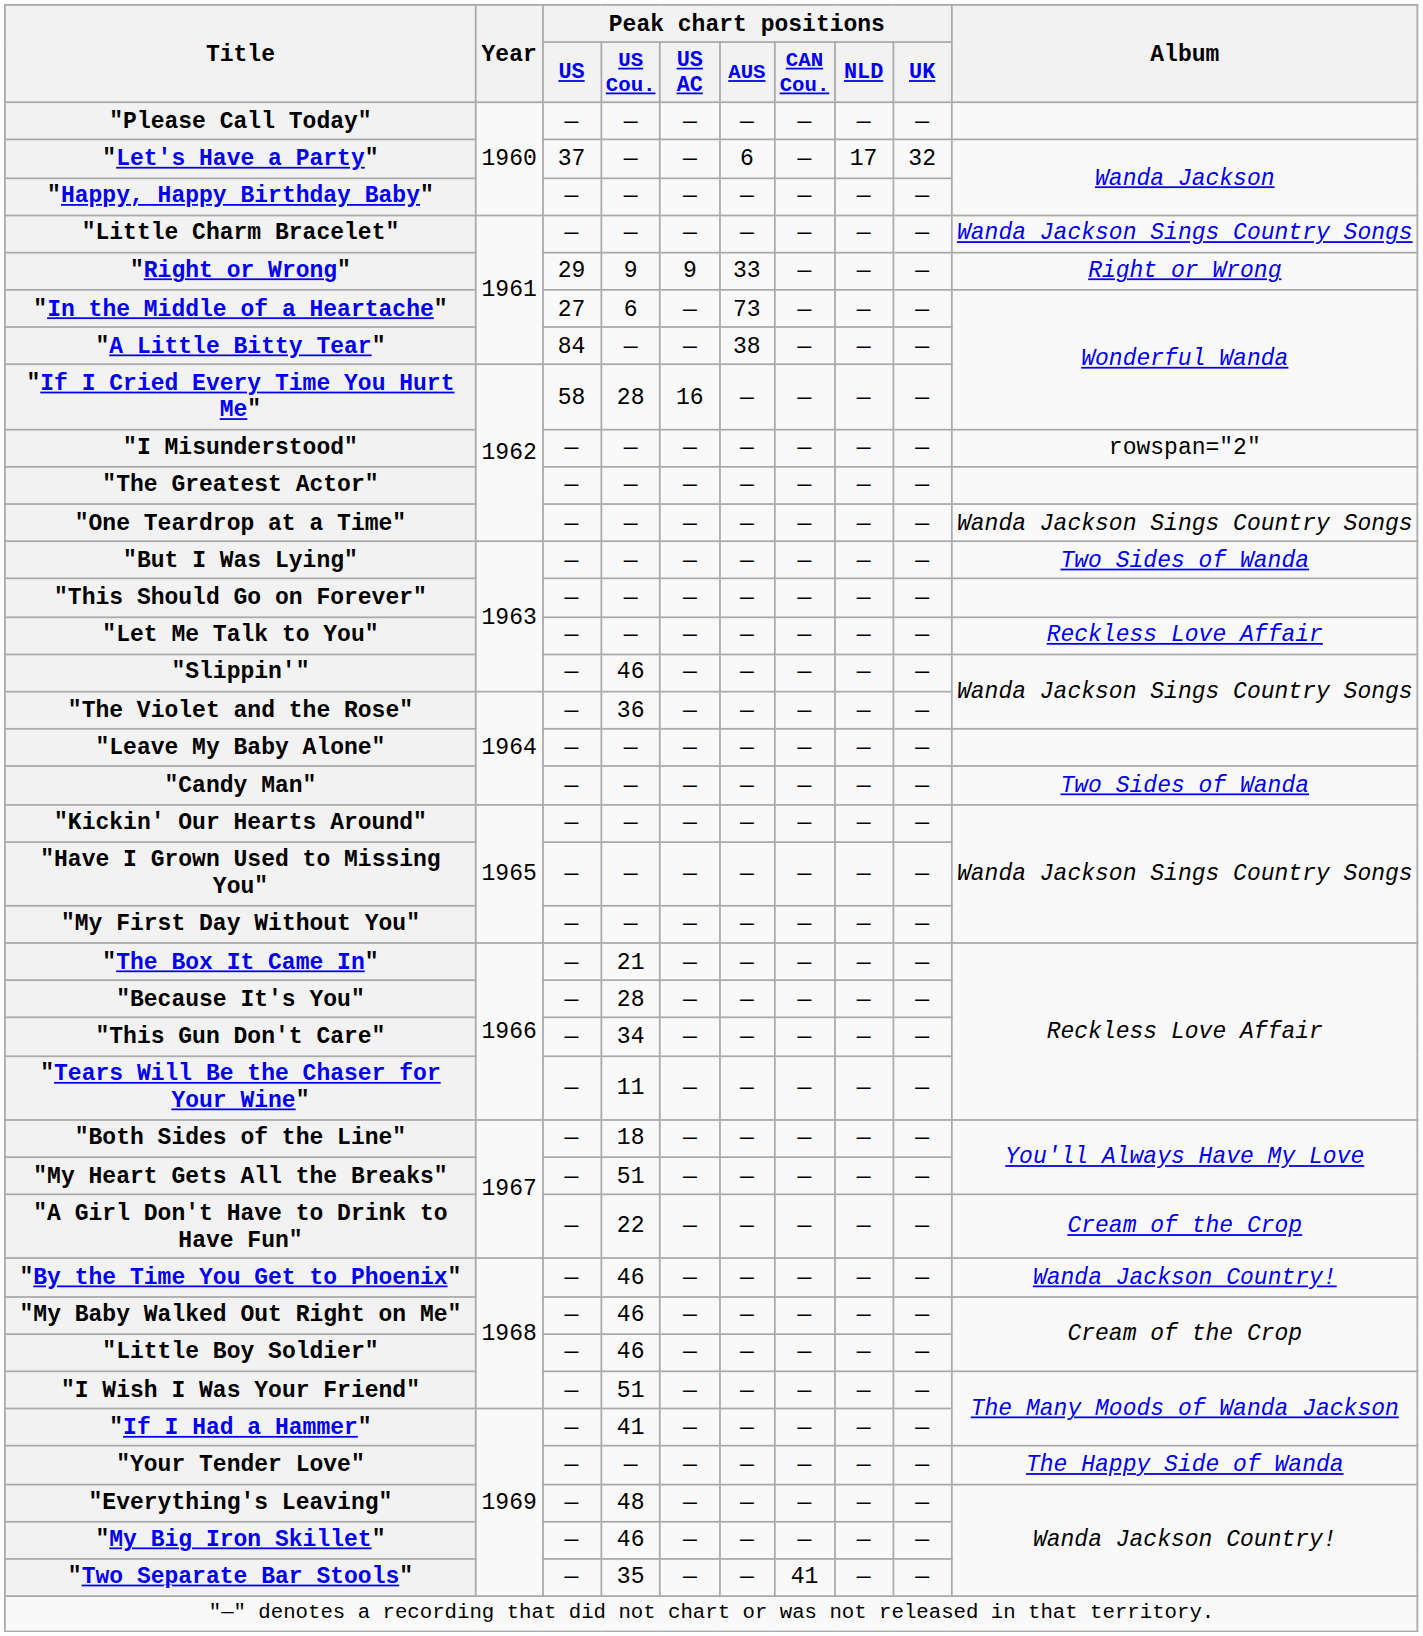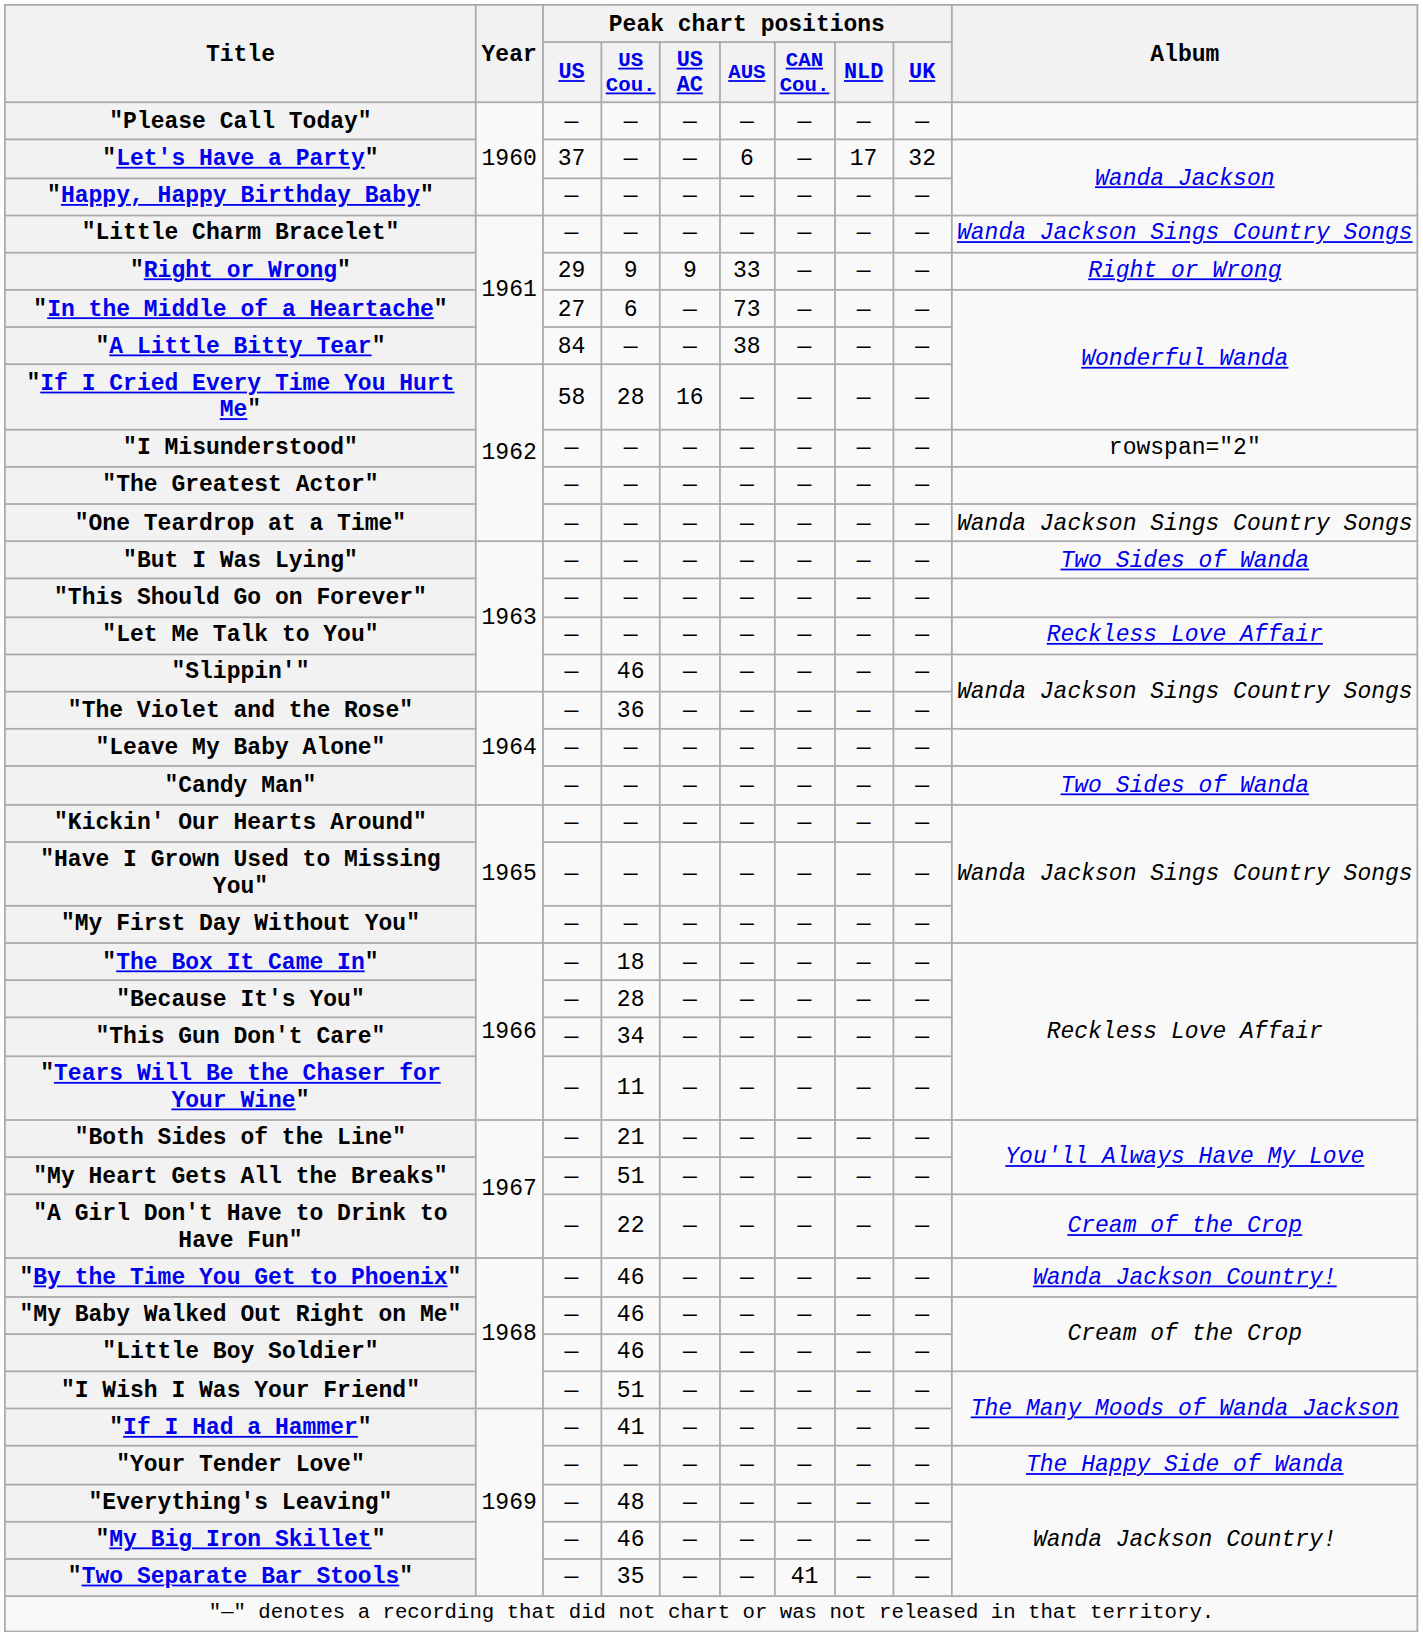 <table class="wikitable plainrowheaders" style="text-align:center;" border="1">
 <tr>
 <th scope="col" rowspan="2" style="width:20em;">Title</th>
 <th scope="col" rowspan="2">Year</th>
 <th scope="col" colspan="7">Peak chart positions</th>
 <th scope="col" rowspan="2">Album</th>
 </tr>
 <tr>
 <th scope="col" style="width:2.2em;font-size:95%;"><a href='#'>US</a><br></th>
 <th scope="col" style="width:2.2em;font-size:90%;"><a href='#'>US<br>Cou.</a><br></th>
 <th scope="col" style="width:2.2em;font-size:95%;"><a href='#'>US AC</a><br></th>
 <th scope="col" style="width:2.2em;font-size:90%;"><a href='#'>AUS</a><br></th>
 <th scope="col" style="width:2.2em;font-size:90%;"><a href='#'>CAN<br>Cou.</a><br></th>
 <th scope="col" style="width:2.2em;font-size:95%;"><a href='#'>NLD</a><br></th>
 <th scope="col" style="width:2.2em;font-size:95%;"><a href='#'>UK</a><br></th>
 </tr>
 <tr>
 <th scope="row">"Please Call Today"</th>
 <td rowspan="3">1960</td>
 <td>—</td>
 <td>—</td>
 <td>—</td>
 <td>—</td>
 <td>—</td>
 <td>—</td>
 <td>—</td>
 <td></td>
 </tr>
 <tr>
 <th scope="row">"<a href='#'>Let's Have a Party</a>"</th>
 <td>37</td>
 <td>—</td>
 <td>—</td>
 <td>6</td>
 <td>—</td>
 <td>17</td>
 <td>32</td>
 <td rowspan="2"><em><a href='#'>Wanda Jackson</a></em></td>
 </tr>
 <tr>
 <th scope="row">"<a href='#'>Happy, Happy Birthday Baby</a>"</th>
 <td>—</td>
 <td>—</td>
 <td>—</td>
 <td>—</td>
 <td>—</td>
 <td>—</td>
 <td>—</td>
 </tr>
 <tr>
 <th scope="row">"Little Charm Bracelet"</th>
 <td rowspan="4">1961</td>
 <td>—</td>
 <td>—</td>
 <td>—</td>
 <td>—</td>
 <td>—</td>
 <td>—</td>
 <td>—</td>
 <td><em><a href='#'>Wanda Jackson Sings Country Songs</a></em></td>
 </tr>
 <tr>
 <th scope="row">"<a href='#'>Right or Wrong</a>"</th>
 <td>29</td>
 <td>9</td>
 <td>9</td>
 <td>33</td>
 <td>—</td>
 <td>—</td>
 <td>—</td>
 <td><em><a href='#'>Right or Wrong</a></em></td>
 </tr>
 <tr>
 <th scope="row">"<a href='#'>In the Middle of a Heartache</a>"</th>
 <td>27</td>
 <td>6</td>
 <td>—</td>
 <td>73</td>
 <td>—</td>
 <td>—</td>
 <td>—</td>
 <td rowspan="3"><em><a href='#'>Wonderful Wanda</a></em></td>
 </tr>
 <tr>
 <th scope="row">"<a href='#'>A Little Bitty Tear</a>"</th>
 <td>84</td>
 <td>—</td>
 <td>—</td>
 <td>38</td>
 <td>—</td>
 <td>—</td>
 <td>—</td>
 </tr>
 <tr>
 <th scope="row">"<a href='#'>If I Cried Every Time You Hurt Me</a>"</th>
 <td rowspan="4">1962</td>
 <td>58</td>
 <td>28</td>
 <td>16</td>
 <td>—</td>
 <td>—</td>
 <td>—</td>
 <td>—</td>
 </tr>
 <tr>
 <th scope="row">"I Misunderstood"</th>
 <td>—</td>
 <td>—</td>
 <td>—</td>
 <td>—</td>
 <td>—</td>
 <td>—</td>
 <td>—</td>
 <td>rowspan="2" </td>
 </tr>
 <tr>
 <th scope="row">"The Greatest Actor"</th>
 <td>—</td>
 <td>—</td>
 <td>—</td>
 <td>—</td>
 <td>—</td>
 <td>—</td>
 <td>—</td>
 </tr>
 <tr>
 <th scope="row">"One Teardrop at a Time"</th>
 <td>—</td>
 <td>—</td>
 <td>—</td>
 <td>—</td>
 <td>—</td>
 <td>—</td>
 <td>—</td>
 <td><em>Wanda Jackson Sings Country Songs</em></td>
 </tr>
 <tr>
 <th scope="row">"But I Was Lying"</th>
 <td rowspan="4">1963</td>
 <td>—</td>
 <td>—</td>
 <td>—</td>
 <td>—</td>
 <td>—</td>
 <td>—</td>
 <td>—</td>
 <td><em><a href='#'>Two Sides of Wanda</a></em></td>
 </tr>
 <tr>
 <th scope="row">"This Should Go on Forever"</th>
 <td>—</td>
 <td>—</td>
 <td>—</td>
 <td>—</td>
 <td>—</td>
 <td>—</td>
 <td>—</td>
 </tr>
 <tr>
 <th scope="row">"Let Me Talk to You"</th>
 <td>—</td>
 <td>—</td>
 <td>—</td>
 <td>—</td>
 <td>—</td>
 <td>—</td>
 <td>—</td>
 <td><em><a href='#'>Reckless Love Affair</a></em></td>
 </tr>
 <tr>
 <th scope="row">"Slippin'"</th>
 <td>—</td>
 <td>46</td>
 <td>—</td>
 <td>—</td>
 <td>—</td>
 <td>—</td>
 <td>—</td>
 <td rowspan="2"><em>Wanda Jackson Sings Country Songs</em></td>
 </tr>
 <tr>
 <th scope="row">"The Violet and the Rose"</th>
 <td rowspan="3">1964</td>
 <td>—</td>
 <td>36</td>
 <td>—</td>
 <td>—</td>
 <td>—</td>
 <td>—</td>
 <td>—</td>
 </tr>
 <tr>
 <th scope="row">"Leave My Baby Alone"</th>
 <td>—</td>
 <td>—</td>
 <td>—</td>
 <td>—</td>
 <td>—</td>
 <td>—</td>
 <td>—</td>
 <td></td>
 </tr>
 <tr>
 <th scope="row">"Candy Man"</th>
 <td>—</td>
 <td>—</td>
 <td>—</td>
 <td>—</td>
 <td>—</td>
 <td>—</td>
 <td>—</td>
 <td><em><a href='#'>Two Sides of Wanda</a></em></td>
 </tr>
 <tr>
 <th scope="row">"Kickin' Our Hearts Around"</th>
 <td rowspan="3">1965</td>
 <td>—</td>
 <td>—</td>
 <td>—</td>
 <td>—</td>
 <td>—</td>
 <td>—</td>
 <td>—</td>
 <td rowspan="3"><em>Wanda Jackson Sings Country Songs</em></td>
 </tr>
 <tr>
 <th scope="row">"Have I Grown Used to Missing You"</th>
 <td>—</td>
 <td>—</td>
 <td>—</td>
 <td>—</td>
 <td>—</td>
 <td>—</td>
 <td>—</td>
 </tr>
 <tr>
 <th scope="row">"My First Day Without You"</th>
 <td>—</td>
 <td>—</td>
 <td>—</td>
 <td>—</td>
 <td>—</td>
 <td>—</td>
 <td>—</td>
 </tr>
 <tr>
 <th scope="row">"<a href='#'>The Box It Came In</a>"</th>
 <td rowspan="4">1966</td>
 <td>—</td>
-<td>21</td>
+<td>18</td>
 <td>—</td>
 <td>—</td>
 <td>—</td>
 <td>—</td>
 <td>—</td>
 <td rowspan="4"><em>Reckless Love Affair</em></td>
 </tr>
 <tr>
 <th scope="row">"Because It's You"</th>
 <td>—</td>
 <td>28</td>
 <td>—</td>
 <td>—</td>
 <td>—</td>
 <td>—</td>
 <td>—</td>
 </tr>
 <tr>
 <th scope="row">"This Gun Don't Care"</th>
 <td>—</td>
 <td>34</td>
 <td>—</td>
 <td>—</td>
 <td>—</td>
 <td>—</td>
 <td>—</td>
 </tr>
 <tr>
 <th scope="row">"<a href='#'>Tears Will Be the Chaser for Your Wine</a>"</th>
 <td>—</td>
 <td>11</td>
 <td>—</td>
 <td>—</td>
 <td>—</td>
 <td>—</td>
 <td>—</td>
 </tr>
 <tr>
 <th scope="row">"Both Sides of the Line"</th>
 <td rowspan="3">1967</td>
 <td>—</td>
-<td>18</td>
+<td>21</td>
 <td>—</td>
 <td>—</td>
 <td>—</td>
 <td>—</td>
 <td>—</td>
 <td rowspan="2"><em><a href='#'>You'll Always Have My Love</a></em></td>
 </tr>
 <tr>
 <th scope="row">"My Heart Gets All the Breaks"</th>
 <td>—</td>
 <td>51</td>
 <td>—</td>
 <td>—</td>
 <td>—</td>
 <td>—</td>
 <td>—</td>
 </tr>
 <tr>
 <th scope="row">"A Girl Don't Have to Drink to Have Fun"</th>
 <td>—</td>
 <td>22</td>
 <td>—</td>
 <td>—</td>
 <td>—</td>
 <td>—</td>
 <td>—</td>
 <td><em><a href='#'>Cream of the Crop</a></em></td>
 </tr>
 <tr>
 <th scope="row">"<a href='#'>By the Time You Get to Phoenix</a>"</th>
 <td rowspan="4">1968</td>
 <td>—</td>
 <td>46</td>
 <td>—</td>
 <td>—</td>
 <td>—</td>
 <td>—</td>
 <td>—</td>
 <td><em><a href='#'>Wanda Jackson Country!</a></em></td>
 </tr>
 <tr>
 <th scope="row">"My Baby Walked Out Right on Me"</th>
 <td>—</td>
 <td>46</td>
 <td>—</td>
 <td>—</td>
 <td>—</td>
 <td>—</td>
 <td>—</td>
 <td rowspan="2"><em>Cream of the Crop</em></td>
 </tr>
 <tr>
 <th scope="row">"Little Boy Soldier"</th>
 <td>—</td>
 <td>46</td>
 <td>—</td>
 <td>—</td>
 <td>—</td>
 <td>—</td>
 <td>—</td>
 </tr>
 <tr>
 <th scope="row">"I Wish I Was Your Friend"</th>
 <td>—</td>
 <td>51</td>
 <td>—</td>
 <td>—</td>
 <td>—</td>
 <td>—</td>
 <td>—</td>
 <td rowspan="2"><em><a href='#'>The Many Moods of Wanda Jackson</a></em></td>
 </tr>
 <tr>
 <th scope="row">"<a href='#'>If I Had a Hammer</a>"</th>
 <td rowspan="5">1969</td>
 <td>—</td>
 <td>41</td>
 <td>—</td>
 <td>—</td>
 <td>—</td>
 <td>—</td>
 <td>—</td>
 </tr>
 <tr>
 <th scope="row">"Your Tender Love"</th>
 <td>—</td>
 <td>—</td>
 <td>—</td>
 <td>—</td>
 <td>—</td>
 <td>—</td>
 <td>—</td>
 <td><em><a href='#'>The Happy Side of Wanda</a></em></td>
 </tr>
 <tr>
 <th scope="row">"Everything's Leaving"</th>
 <td>—</td>
 <td>48</td>
 <td>—</td>
 <td>—</td>
 <td>—</td>
 <td>—</td>
 <td>—</td>
 <td rowspan="3"><em>Wanda Jackson Country!</em></td>
 </tr>
 <tr>
 <th scope="row">"<a href='#'>My Big Iron Skillet</a>"</th>
 <td>—</td>
 <td>46</td>
 <td>—</td>
 <td>—</td>
 <td>—</td>
 <td>—</td>
 <td>—</td>
 </tr>
 <tr>
 <th scope="row">"<a href='#'>Two Separate Bar Stools</a>"</th>
 <td>—</td>
 <td>35</td>
 <td>—</td>
 <td>—</td>
 <td>41</td>
 <td>—</td>
 <td>—</td>
 </tr>
 <tr>
 <td colspan="10" style="font-size:90%">"—" denotes a recording that did not chart or was not released in that territory.</td>
 </tr>
 </table>
